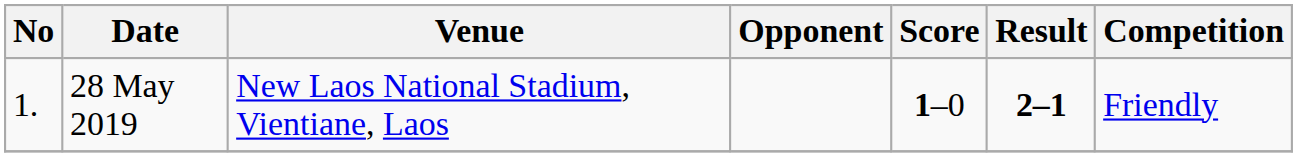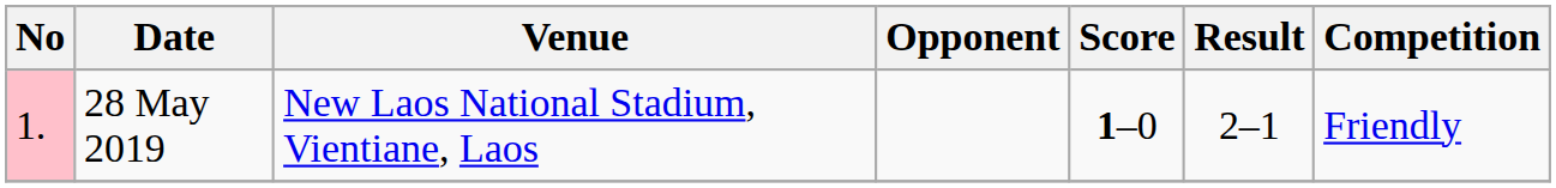 <table class="wikitable">
 <tr>
 <th>No</th>
 <th>Date</th>
 <th>Venue</th>
 <th>Opponent</th>
 <th>Score</th>
 <th>Result</th>
 <th>Competition</th>
 </tr>
 <tr>
-<td>1.</td>
+<td style="background: pink;">1.</td>
 <td>28 May 2019</td>
 <td><a href='#'>New Laos National Stadium</a>, <a href='#'>Vientiane</a>, <a href='#'>Laos</a></td>
 <td></td>
 <td align=center><strong>1</strong>–0</td>
-<td align=center><strong>2–1</strong></td>
+<td align=center>2–1</td>
 <td><a href='#'>Friendly</a></td>
 </tr>
 <tr>
 </tr>
 </table>
